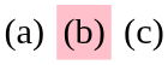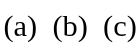 <table cellpadding=3>
 <tr valign=center>
 <td></td>
 <td></td>
 <td></td>
 </tr>
 <tr>
 <td align=center>(a)</td>
-<td align=center style="background: pink;">(b)</td>
+<td align=center>(b)</td>
 <td align=center>(c)</td>
 </tr>
 </table>
